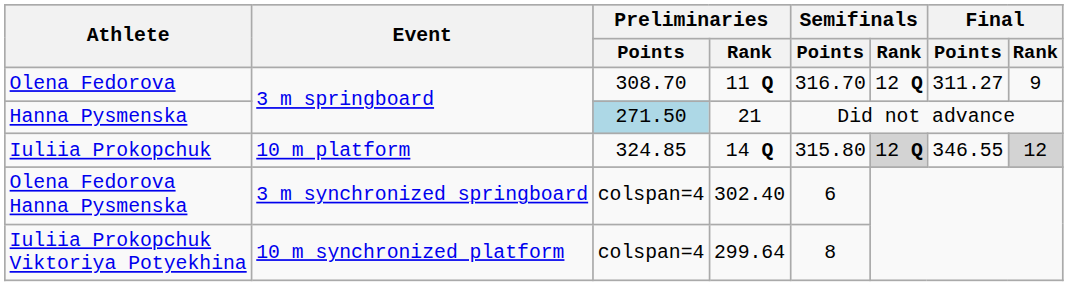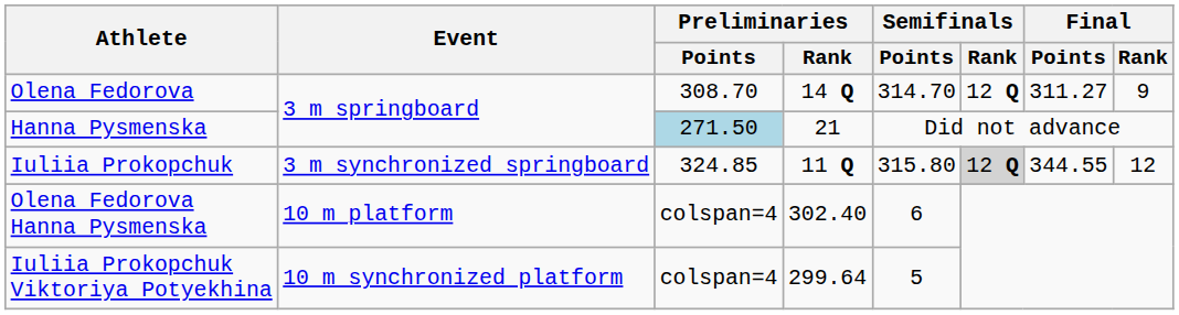 <table class="wikitable" style="font-size:90%">
 <tr>
 <th rowspan="2">Athlete</th>
 <th rowspan="2">Event</th>
 <th colspan=2>Preliminaries</th>
 <th colspan=2>Semifinals</th>
 <th colspan=2>Final</th>
 </tr>
 <tr style="font-size:95%">
 <th>Points</th>
 <th>Rank</th>
 <th>Points</th>
 <th>Rank</th>
 <th>Points</th>
 <th>Rank</th>
 </tr>
 <tr align=center>
 <td align=left><a href='#'>Olena Fedorova</a></td>
 <td align=left rowspan=2><a href='#'>3 m springboard</a></td>
 <td>308.70</td>
-<td>11 <strong>Q</strong></td>
-<td>316.70</td>
+<td>14 <strong>Q</strong></td>
+<td>314.70</td>
 <td>12 <strong>Q</strong></td>
 <td>311.27</td>
 <td>9</td>
 </tr>
 <tr align=center>
 <td align=left><a href='#'>Hanna Pysmenska</a></td>
 <td style="background: lightblue;">271.50</td>
 <td>21</td>
 <td colspan=4>Did not advance</td>
 </tr>
 <tr align=center>
 <td align=left><a href='#'>Iuliia Prokopchuk</a></td>
-<td align=left><a href='#'>10 m platform</a></td>
+<td align=left><a href='#'>3 m synchronized springboard</a></td>
 <td>324.85</td>
-<td>14 <strong>Q</strong></td>
+<td>11 <strong>Q</strong></td>
 <td>315.80</td>
 <td style="background: lightgrey;">12 <strong>Q</strong></td>
-<td>346.55</td>
-<td style="background: lightgrey;">12</td>
+<td>344.55</td>
+<td>12</td>
 </tr>
 <tr align=center>
 <td align=left><a href='#'>Olena Fedorova</a><br><a href='#'>Hanna Pysmenska</a></td>
-<td align=left><a href='#'>3 m synchronized springboard</a></td>
+<td align=left><a href='#'>10 m platform</a></td>
 <td>colspan=4 </td>
 <td>302.40</td>
 <td>6</td>
 </tr>
 <tr align=center>
 <td align=left><a href='#'>Iuliia Prokopchuk</a><br><a href='#'>Viktoriya Potyekhina</a></td>
 <td align=left><a href='#'>10 m synchronized platform</a></td>
 <td>colspan=4 </td>
 <td>299.64</td>
-<td>8</td>
+<td>5</td>
 </tr>
 </table>
